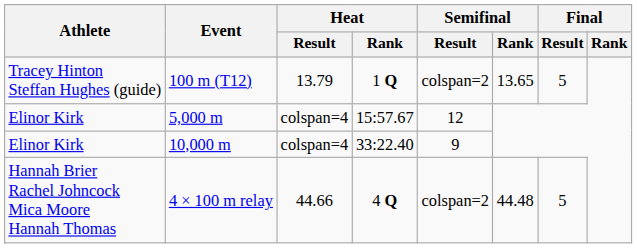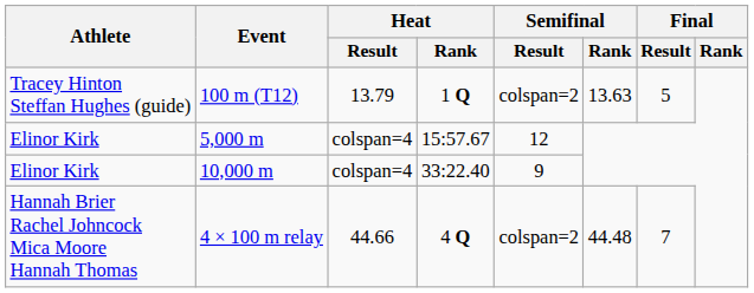 <table class="wikitable" style="font-size:90%">
 <tr>
 <th rowspan=2>Athlete</th>
 <th rowspan=2>Event</th>
 <th colspan=2>Heat</th>
 <th colspan=2>Semifinal</th>
 <th colspan=2>Final</th>
 </tr>
 <tr style="font-size:95%">
 <th>Result</th>
 <th>Rank</th>
 <th>Result</th>
 <th>Rank</th>
 <th>Result</th>
 <th>Rank</th>
 </tr>
 <tr align=center>
 <td align=left><a href='#'>Tracey Hinton</a><br><a href='#'>Steffan Hughes</a> (guide)</td>
 <td align=left><a href='#'>100 m (T12)</a></td>
 <td>13.79</td>
 <td>1 <strong>Q</strong></td>
 <td>colspan=2 </td>
-<td>13.65</td>
+<td>13.63</td>
 <td>5</td>
 </tr>
 <tr align=center>
 <td align=left><a href='#'>Elinor Kirk</a></td>
 <td align=left><a href='#'>5,000 m</a></td>
 <td>colspan=4 </td>
 <td>15:57.67</td>
 <td>12</td>
 </tr>
 <tr align=center>
 <td align=left><a href='#'>Elinor Kirk</a></td>
 <td align=left><a href='#'>10,000 m</a></td>
 <td>colspan=4 </td>
 <td>33:22.40</td>
 <td>9</td>
 </tr>
 <tr align=center>
 <td align=left><a href='#'>Hannah Brier</a><br><a href='#'>Rachel Johncock</a><br><a href='#'>Mica Moore</a><br><a href='#'>Hannah Thomas</a></td>
 <td align=left><a href='#'>4 × 100 m relay</a></td>
 <td>44.66</td>
 <td>4 <strong>Q</strong></td>
 <td>colspan=2 </td>
 <td>44.48</td>
-<td>5</td>
+<td>7</td>
 </tr>
 </table>
